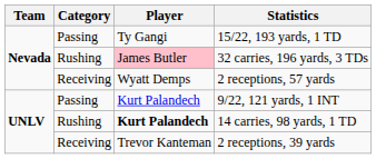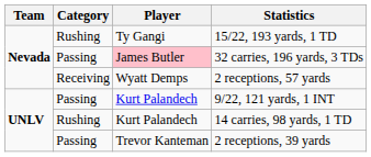 <table class="wikitable" style="float: left;">
 <tr>
 <th>Team</th>
 <th>Category</th>
 <th>Player</th>
 <th>Statistics</th>
 </tr>
 <tr>
 <td rowspan=3><strong>Nevada</strong></td>
-<td>Passing</td>
+<td>Rushing</td>
 <td>Ty Gangi</td>
 <td>15/22, 193 yards, 1 TD</td>
 </tr>
 <tr>
-<td>Rushing</td>
+<td>Passing</td>
 <td style="background: pink;">James Butler</td>
 <td>32 carries, 196 yards, 3 TDs</td>
 </tr>
 <tr>
 <td>Receiving</td>
 <td>Wyatt Demps</td>
 <td>2 receptions, 57 yards</td>
 </tr>
 <tr>
 <td rowspan=3><strong>UNLV</strong></td>
 <td>Passing</td>
 <td><a href='#'>Kurt Palandech</a></td>
 <td>9/22, 121 yards, 1 INT</td>
 </tr>
 <tr>
 <td>Rushing</td>
-<td><strong>Kurt Palandech</strong></td>
+<td>Kurt Palandech</td>
 <td>14 carries, 98 yards, 1 TD</td>
 </tr>
 <tr>
-<td>Receiving</td>
+<td>Passing</td>
 <td>Trevor Kanteman</td>
 <td>2 receptions, 39 yards</td>
 </tr>
 </table>
